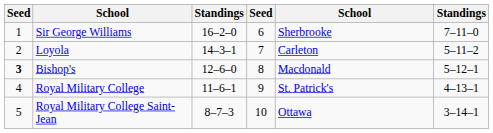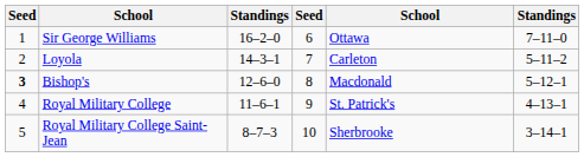 <table class="wikitable">
 <tr>
 <th>Seed</th>
 <th style="width:210px">School</th>
 <th>Standings</th>
 <th>Seed</th>
 <th style="width:210px">School</th>
 <th>Standings</th>
 </tr>
 <tr>
 <td align=center>1</td>
 <td><a href='#'>Sir George Williams</a></td>
 <td align=center>16–2–0</td>
 <td align=center>6</td>
-<td><a href='#'>Sherbrooke</a></td>
+<td><a href='#'>Ottawa</a></td>
 <td align=center>7–11–0</td>
 </tr>
 <tr>
 <td align=center>2</td>
 <td><a href='#'>Loyola</a></td>
 <td align=center>14–3–1</td>
 <td align=center>7</td>
 <td><a href='#'>Carleton</a></td>
 <td align=center>5–11–2</td>
 </tr>
 <tr>
 <td align=center><strong>3</strong></td>
 <td><a href='#'>Bishop's</a></td>
 <td align=center>12–6–0</td>
 <td align=center>8</td>
 <td><a href='#'>Macdonald</a></td>
 <td align=center>5–12–1</td>
 </tr>
 <tr>
 <td align=center>4</td>
 <td><a href='#'>Royal Military College</a></td>
 <td align=center>11–6–1</td>
 <td align=center>9</td>
 <td><a href='#'>St. Patrick's</a></td>
 <td align=center>4–13–1</td>
 </tr>
 <tr>
 <td align=center>5</td>
 <td><a href='#'>Royal Military College Saint-Jean</a></td>
 <td align=center>8–7–3</td>
 <td align=center>10</td>
-<td><a href='#'>Ottawa</a></td>
+<td><a href='#'>Sherbrooke</a></td>
 <td align=center>3–14–1</td>
 </tr>
 </table>
